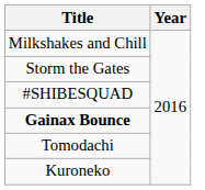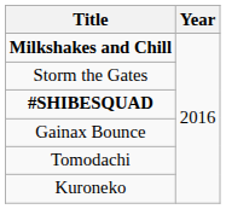 <table class="wikitable plainrowheaders" style="text-align:center;">
 <tr>
 <th scope="col">Title</th>
 <th scope="col">Year</th>
 </tr>
 <tr>
-<td>Milkshakes and Chill</td>
+<td><strong>Milkshakes and Chill</strong></td>
 <td rowspan="6">2016</td>
 </tr>
 <tr>
 <td>Storm the Gates </td>
 </tr>
 <tr>
-<td>#SHIBESQUAD</td>
+<td><strong>#SHIBESQUAD</strong></td>
 </tr>
 <tr>
-<td><strong>Gainax Bounce</strong></td>
+<td>Gainax Bounce</td>
 </tr>
 <tr>
 <td>Tomodachi</td>
 </tr>
 <tr>
 <td>Kuroneko</td>
 </tr>
 </table>
